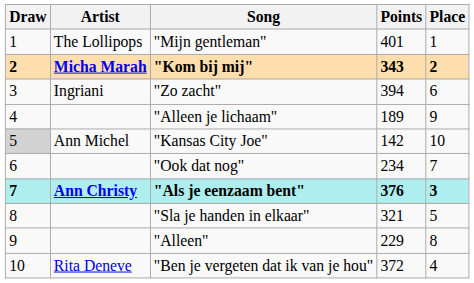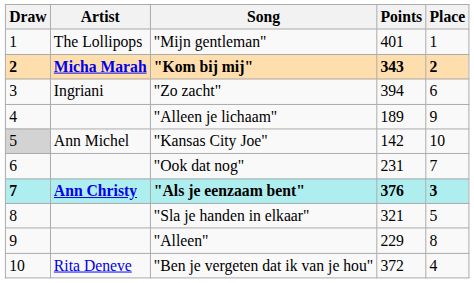 <table class="sortable wikitable" style="margin: 1em auto 1em auto">
 <tr>
 <th>Draw</th>
 <th>Artist</th>
 <th>Song</th>
 <th>Points</th>
 <th>Place</th>
 </tr>
 <tr style="bfont-weight:bold; ackground:navajowhite;">
 <td>1</td>
 <td>The Lollipops</td>
 <td>"Mijn gentleman"</td>
 <td>401</td>
 <td>1</td>
 </tr>
 <tr style="font-weight:bold; background:navajowhite;">
 <td>2</td>
 <td><a href='#'>Micha Marah</a></td>
 <td>"Kom bij mij"</td>
 <td>343</td>
 <td>2</td>
 </tr>
 <tr>
 <td>3</td>
 <td>Ingriani</td>
 <td>"Zo zacht"</td>
 <td>394</td>
 <td>6</td>
 </tr>
 <tr>
 <td>4</td>
 <td></td>
 <td>"Alleen je lichaam"</td>
 <td>189</td>
 <td>9</td>
 </tr>
 <tr>
 <td style="background: lightgrey;">5</td>
 <td>Ann Michel</td>
 <td>"Kansas City Joe"</td>
 <td>142</td>
 <td>10</td>
 </tr>
 <tr>
 <td>6</td>
 <td></td>
 <td>"Ook dat nog"</td>
-<td>234</td>
+<td>231</td>
 <td>7</td>
 </tr>
 <tr style="font-weight:bold; background:paleturquoise;">
 <td>7</td>
 <td><a href='#'>Ann Christy</a></td>
 <td>"Als je eenzaam bent"</td>
 <td>376</td>
 <td>3</td>
 </tr>
 <tr>
 <td>8</td>
 <td></td>
 <td>"Sla je handen in elkaar"</td>
 <td>321</td>
 <td>5</td>
 </tr>
 <tr>
 <td>9</td>
 <td></td>
 <td>"Alleen"</td>
 <td>229</td>
 <td>8</td>
 </tr>
 <tr>
 <td>10</td>
 <td><a href='#'>Rita Deneve</a></td>
 <td>"Ben je vergeten dat ik van je hou"</td>
 <td>372</td>
 <td>4</td>
 </tr>
 </table>
